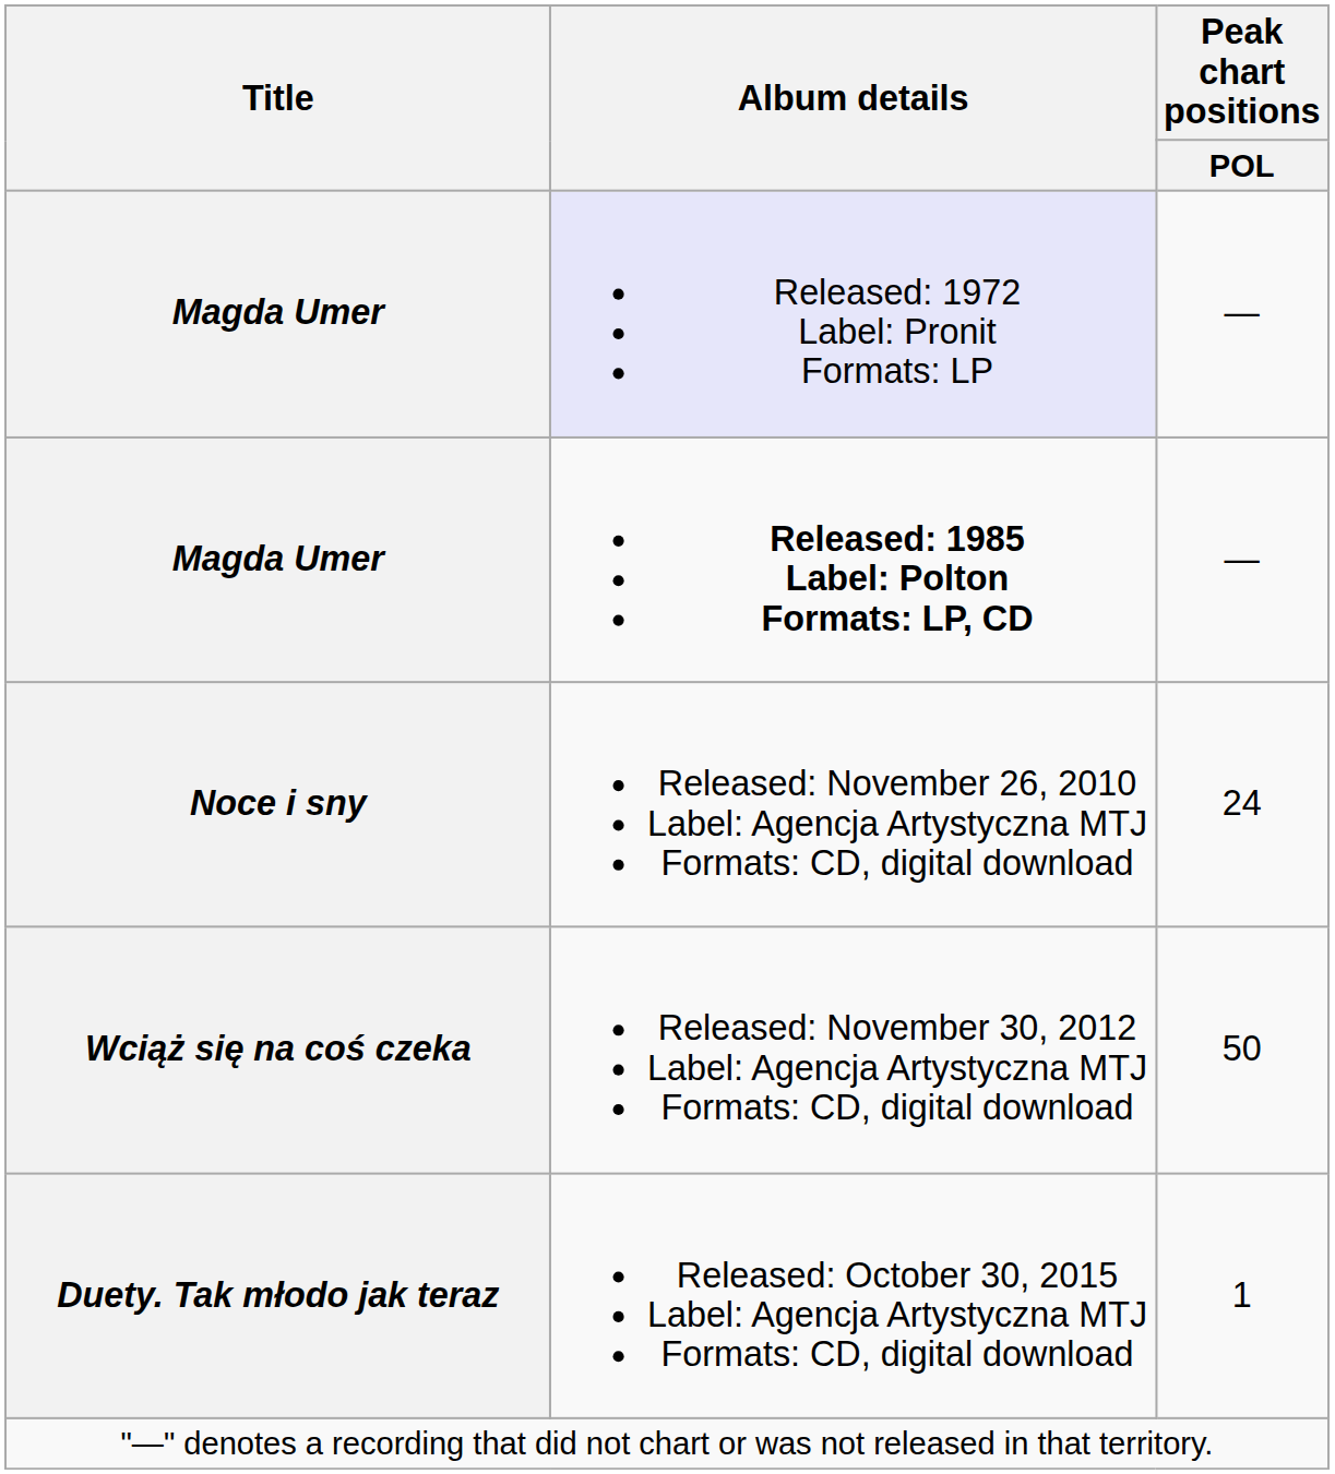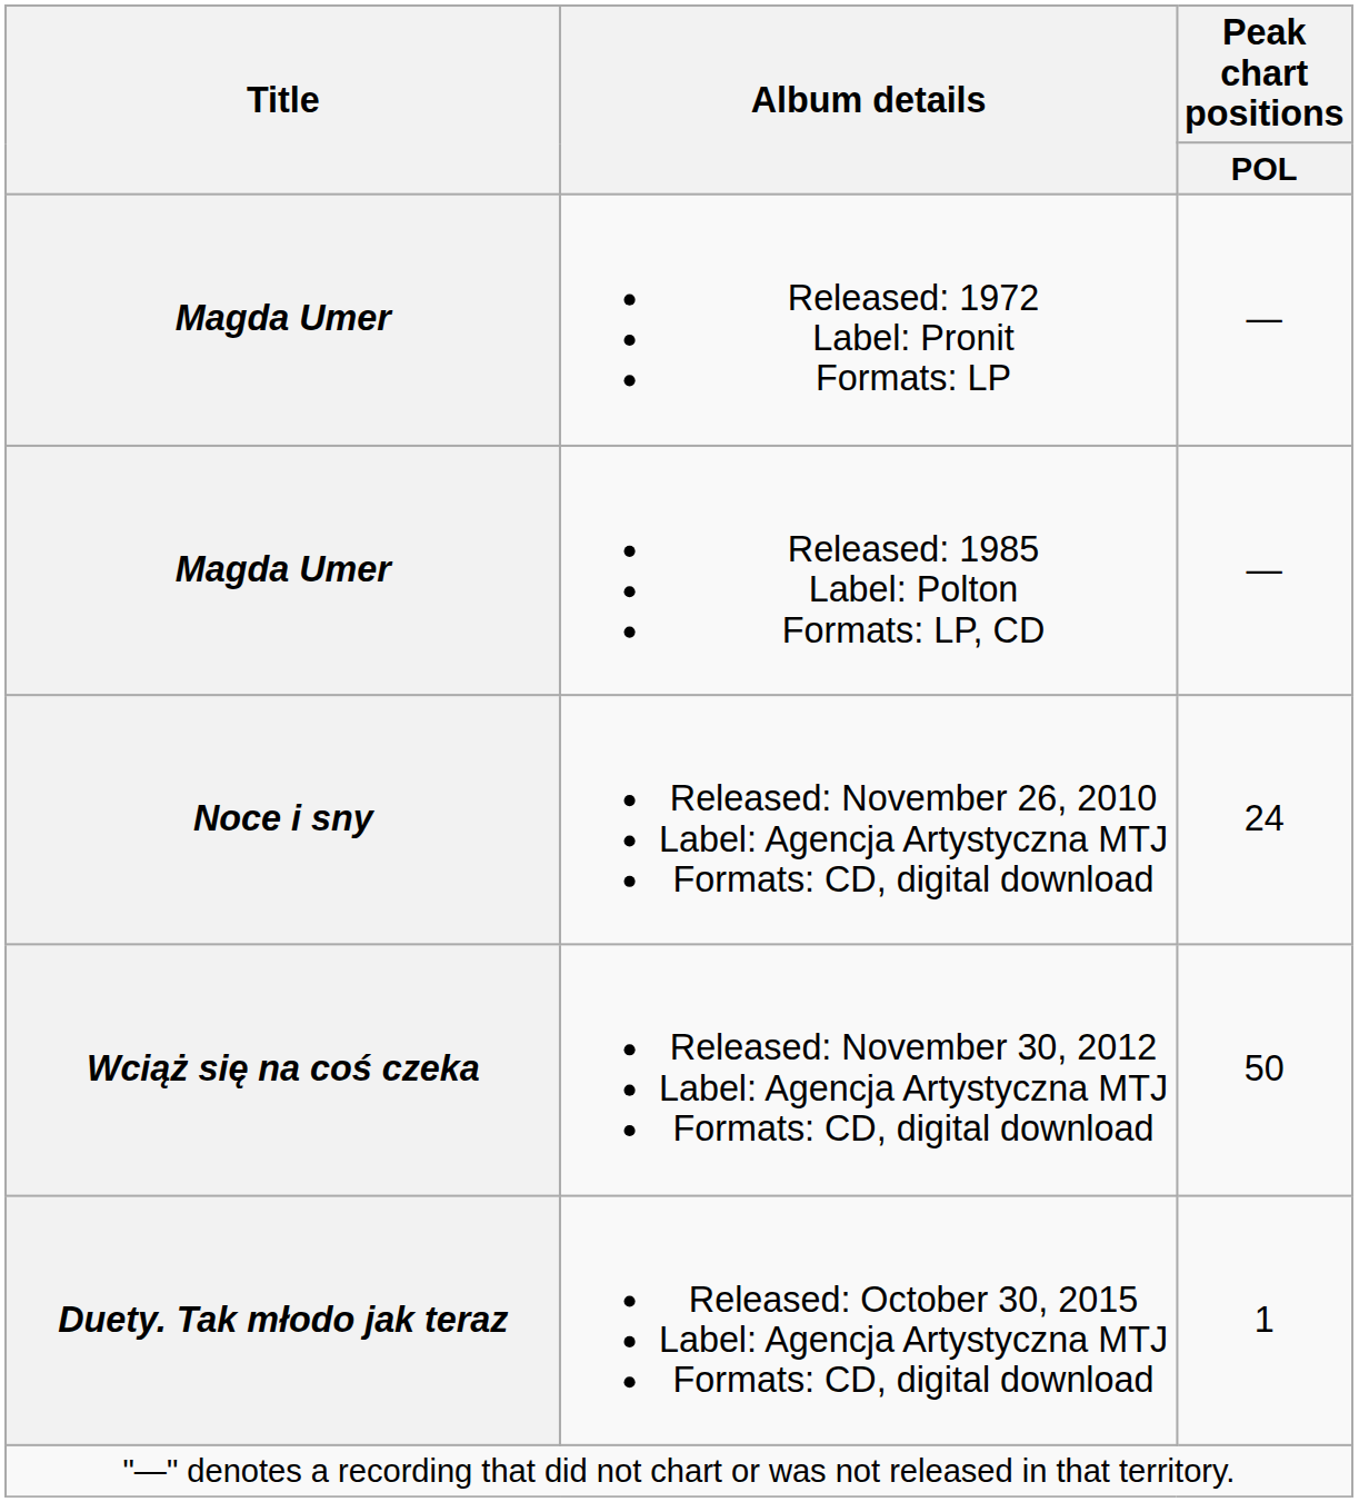 <table class="wikitable plainrowheaders" style="text-align:center;">
 <tr>
 <th scope="col" rowspan="2" style="width:15em;">Title</th>
 <th scope="col" rowspan="2">Album details</th>
 <th scope="col" colspan="1">Peak chart positions</th>
 </tr>
 <tr>
 <th scope="col" style="width:3em;font-size:90%;">POL<br></th>
 </tr>
 <tr>
 <th scope="row"><em>Magda Umer</em></th>
-<td style="background: lavender;"><br><ul><li>Released: 1972</li><li>Label: Pronit</li><li>Formats: LP</li></ul></td>
+<td><br><ul><li>Released: 1972</li><li>Label: Pronit</li><li>Formats: LP</li></ul></td>
 <td>—</td>
 </tr>
 <tr>
 <th scope="row"><em>Magda Umer</em></th>
-<td><strong><br><ul><li>Released: 1985</li><li>Label: Polton</li><li>Formats: LP, CD</li></ul></strong></td>
+<td><br><ul><li>Released: 1985</li><li>Label: Polton</li><li>Formats: LP, CD</li></ul></td>
 <td>—</td>
 </tr>
 <tr>
 <th scope="row"><em>Noce i sny</em></th>
 <td><br><ul><li>Released: November 26, 2010</li><li>Label: Agencja Artystyczna MTJ</li><li>Formats: CD, digital download</li></ul></td>
 <td>24</td>
 </tr>
 <tr>
 <th scope="row"><em>Wciąż się na coś czeka</em></th>
 <td><br><ul><li>Released: November 30, 2012</li><li>Label: Agencja Artystyczna MTJ</li><li>Formats: CD, digital download</li></ul></td>
 <td>50</td>
 </tr>
 <tr>
 <th scope="row"><em>Duety. Tak młodo jak teraz</em></th>
 <td><br><ul><li>Released: October 30, 2015</li><li>Label: Agencja Artystyczna MTJ</li><li>Formats: CD, digital download</li></ul></td>
 <td>1</td>
 </tr>
 <tr>
 <td colspan="20" style="font-size:90%">"—" denotes a recording that did not chart or was not released in that territory.</td>
 </tr>
 </table>
